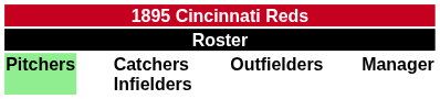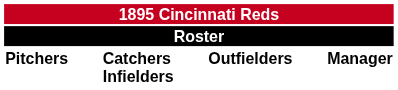 <table class="toccolours" style="font-size: 95%;">
 <tr>
 <th colspan="10" style="background:#c6011f; color:white; text-align:center;">1895 Cincinnati Reds</th>
 </tr>
 <tr>
 <td colspan="10" style="background:black; color:white; text-align:center;"><strong>Roster</strong></td>
 </tr>
 <tr>
-<td valign="top" style="background: lightgreen;"><strong>Pitchers</strong><br>     </td>
+<td valign="top"><strong>Pitchers</strong><br>     </td>
 <td style="width:25px;"></td>
 <td valign="top"><strong>Catchers</strong><br>     <strong>Infielders</strong>     </td>
 <td style="width:25px;"></td>
 <td valign="top"><strong>Outfielders</strong><br>    </td>
 <td style="width:25px;"></td>
 <td valign="top"><strong>Manager</strong><br></td>
 </tr>
 </table>
